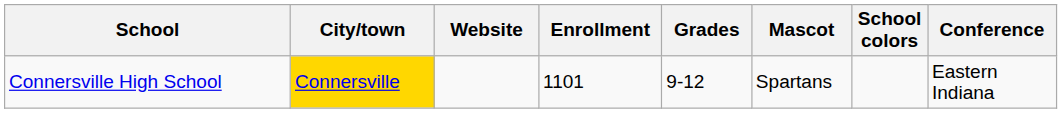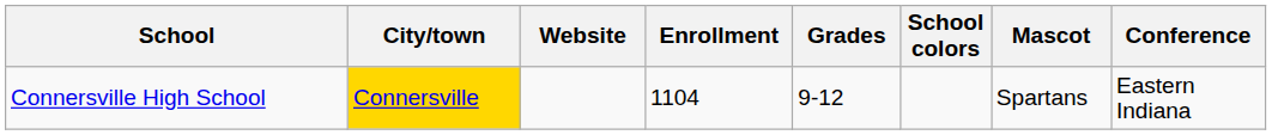 <table class="wikitable sortable" width="70%">
 <tr>
 <th width="20%">School</th>
 <th width="08%">City/town</th>
 <th width="06%">Website</th>
 <th width="04%">Enrollment</th>
 <th width="04%">Grades</th>
+<th width=01%>School colors</th>
 <th width="04%">Mascot</th>
-<th width=01%>School colors</th>
 <th width="04%">Conference</th>
 </tr>
 <tr>
 <td><a href='#'>Connersville High School</a></td>
 <td style="background: gold;"><a href='#'>Connersville</a></td>
 <td></td>
-<td>1101</td>
+<td>1104</td>
 <td>9-12</td>
+<td>  </td>
 <td>Spartans</td>
-<td>  </td>
 <td>Eastern Indiana</td>
 </tr>
 </table>
